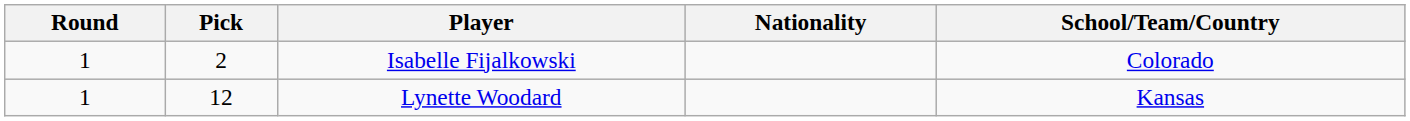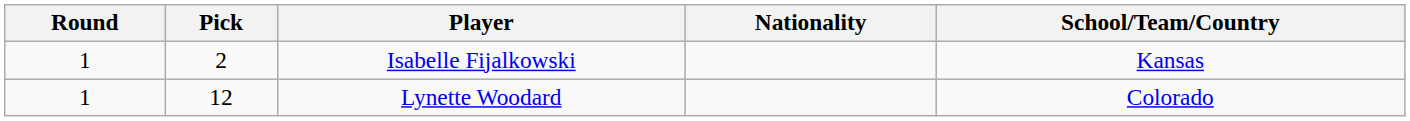 <table class="wikitable" style="text-align:center; width:60em">
 <tr>
 <th>Round</th>
 <th>Pick</th>
 <th>Player</th>
 <th>Nationality</th>
 <th>School/Team/Country</th>
 </tr>
 <tr>
 <td>1</td>
 <td>2</td>
 <td><a href='#'>Isabelle Fijalkowski</a></td>
 <td></td>
-<td><a href='#'>Colorado</a></td>
+<td><a href='#'>Kansas</a></td>
 </tr>
 <tr>
 <td>1</td>
 <td>12</td>
 <td><a href='#'>Lynette Woodard</a></td>
 <td></td>
-<td><a href='#'>Kansas</a></td>
+<td><a href='#'>Colorado</a></td>
 </tr>
 </table>
